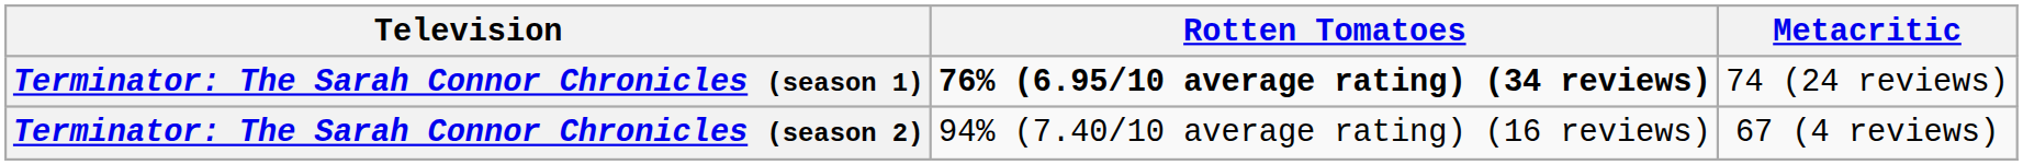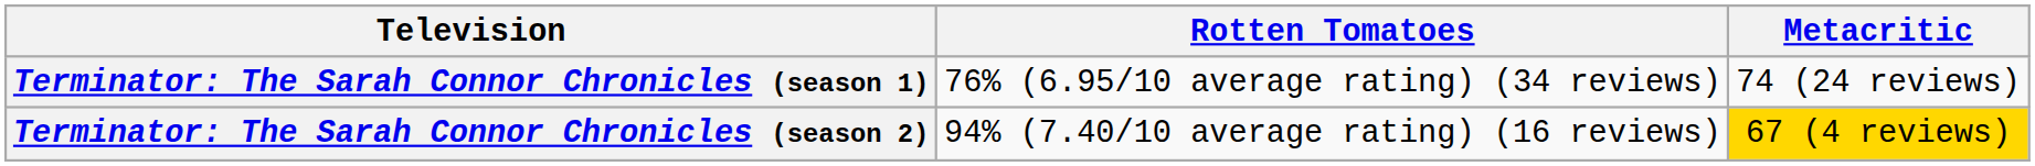 <table class="wikitable plainrowheaders" style="text-align:center;">
 <tr>
 <th>Television</th>
 <th><a href='#'>Rotten Tomatoes</a></th>
 <th><a href='#'>Metacritic</a></th>
 </tr>
 <tr>
 <th scope="row"><em><a href='#'>Terminator: The Sarah Connor Chronicles</a></em> <small>(season 1)</small></th>
-<td><strong>76% (6.95/10 average rating) (34 reviews)</strong></td>
+<td>76% (6.95/10 average rating) (34 reviews)</td>
 <td>74 (24 reviews)</td>
 </tr>
 <tr>
 <th scope="row"><em><a href='#'>Terminator: The Sarah Connor Chronicles</a></em> <small>(season 2)</small></th>
 <td>94% (7.40/10 average rating) (16 reviews)</td>
-<td>67 (4 reviews)</td>
+<td style="background: gold;">67 (4 reviews)</td>
 </tr>
 </table>
